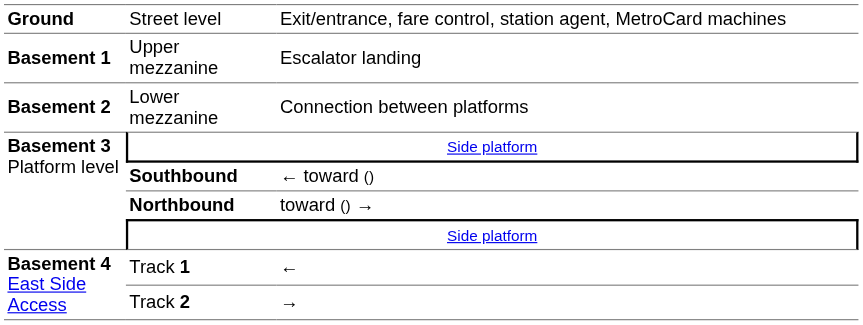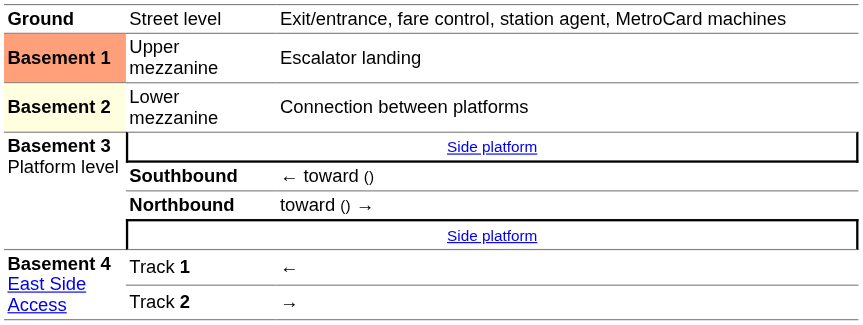 <table border=0 cellspacing=0 cellpadding=3>
 <tr>
 <td style="border-bottom:solid 1px gray;border-top:solid 1px gray;" width=100><strong>Ground</strong></td>
 <td style="border-top:solid 1px gray;border-bottom:solid 1px gray;" width=125>Street level</td>
 <td style="border-top:solid 1px gray;border-bottom:solid 1px gray;" width=500>Exit/entrance, fare control, station agent, MetroCard machines<br></td>
 </tr>
 <tr>
-<td style="border-bottom:solid 1px gray;"><strong>Basement 1</strong></td>
+<td style="background: lightsalmon; border-bottom:solid 1px gray;"><strong>Basement 1</strong></td>
 <td style="border-bottom:solid 1px gray;">Upper mezzanine</td>
 <td style="border-bottom:solid 1px gray;">Escalator landing</td>
 </tr>
 <tr>
-<td><strong>Basement 2</strong></td>
+<td style="background: lightyellow;"><strong>Basement 2</strong></td>
 <td>Lower mezzanine</td>
 <td>Connection between platforms</td>
 </tr>
 <tr>
 <td style="border-top:solid 1px gray;border-bottom:solid 1px gray;" rowspan=4 valign=top><strong>Basement 3</strong><br>Platform level</td>
 <td style="border-top:solid 1px gray;border-right:solid 2px black;border-left:solid 2px black;border-bottom:solid 2px black;text-align:center;" colspan=2><small><a href='#'>Side platform</a> </small></td>
 </tr>
 <tr>
 <td style="border-bottom:solid 1px gray;"><span><strong>Southbound</strong></span></td>
 <td style="border-bottom:solid 1px gray;">←  toward  <small>()</small></td>
 </tr>
 <tr>
 <td><span><strong>Northbound</strong></span></td>
 <td>  toward  <small>()</small> →</td>
 </tr>
 <tr>
 <td style="border-top:solid 2px black;border-right:solid 2px black;border-left:solid 2px black;border-bottom:solid 1px gray;text-align:center;" colspan=2><small><a href='#'>Side platform</a> </small></td>
 </tr>
 <tr>
 <td style="border-bottom:solid 1px gray;" rowspan=2 valign=top><strong>Basement 4</strong><br><a href='#'>East Side Access</a></td>
 <td style="border-bottom:solid 1px gray;">Track <strong>1</strong></td>
 <td style="border-bottom:solid 1px gray;">← </td>
 </tr>
 <tr>
 <td style="border-bottom:solid 1px gray;">Track <strong>2</strong></td>
 <td style="border-bottom:solid 1px gray;">  →</td>
 </tr>
 </table>
